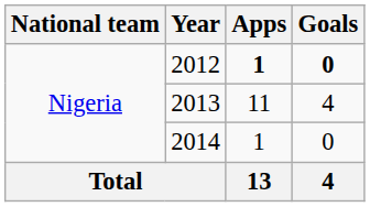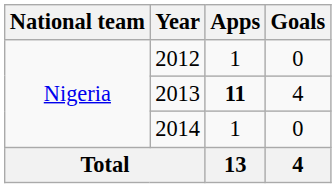 <table class="wikitable" style="text-align:center">
 <tr>
 <th>National team</th>
 <th>Year</th>
 <th>Apps</th>
 <th>Goals</th>
 </tr>
 <tr>
 <td rowspan="3"><a href='#'>Nigeria</a></td>
 <td>2012</td>
-<td><strong>1</strong></td>
-<td><strong>0</strong></td>
+<td>1</td>
+<td>0</td>
 </tr>
 <tr>
 <td>2013</td>
-<td>11</td>
+<td><strong>11</strong></td>
 <td>4</td>
 </tr>
 <tr>
 <td>2014</td>
 <td>1</td>
 <td>0</td>
 </tr>
 <tr>
 <th colspan="2">Total</th>
 <th>13</th>
 <th>4</th>
 </tr>
 </table>
